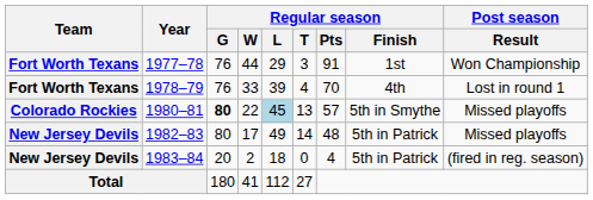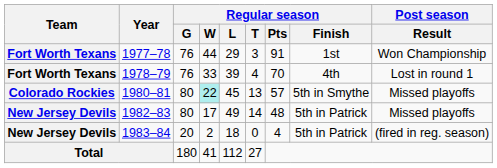 <table class="wikitable" style="font-size: 95%; text-align:center;">
 <tr>
 <th rowspan="2">Team</th>
 <th rowspan="2">Year</th>
 <th colspan="6"><a href='#'>Regular season</a></th>
 <th colspan="1"><a href='#'>Post season</a></th>
 </tr>
 <tr>
 <th>G</th>
 <th>W</th>
 <th>L</th>
 <th>T</th>
 <th>Pts</th>
 <th>Finish</th>
 <th>Result</th>
 </tr>
 <tr>
 <th><a href='#'>Fort Worth Texans</a></th>
 <td><a href='#'>1977–78</a></td>
 <td>76</td>
 <td>44</td>
 <td>29</td>
 <td>3</td>
 <td>91</td>
 <td>1st</td>
 <td>Won Championship</td>
 </tr>
 <tr>
 <th>Fort Worth Texans</th>
 <td><a href='#'>1978–79</a></td>
 <td>76</td>
 <td>33</td>
 <td>39</td>
 <td>4</td>
 <td>70</td>
 <td>4th</td>
 <td>Lost in round 1</td>
 </tr>
 <tr>
 <th><a href='#'>Colorado Rockies</a></th>
 <td><a href='#'>1980–81</a></td>
-<td><strong>80</strong></td>
-<td>22</td>
-<td style="background: lightblue;">45</td>
+<td>80</td>
+<td style="background: paleturquoise;">22</td>
+<td>45</td>
 <td>13</td>
 <td>57</td>
 <td>5th in Smythe</td>
 <td>Missed playoffs</td>
 </tr>
 <tr>
 <th><a href='#'>New Jersey Devils</a></th>
 <td><a href='#'>1982–83</a></td>
 <td>80</td>
 <td>17</td>
 <td>49</td>
 <td>14</td>
 <td>48</td>
 <td>5th in Patrick</td>
 <td>Missed playoffs</td>
 </tr>
 <tr>
 <th>New Jersey Devils</th>
 <td><a href='#'>1983–84</a></td>
 <td>20</td>
 <td>2</td>
 <td>18</td>
 <td>0</td>
 <td>4</td>
 <td>5th in Patrick</td>
 <td>(fired in reg. season)</td>
 </tr>
 <tr>
 <th colspan="2">Total</th>
 <td>180</td>
 <td>41</td>
 <td>112</td>
 <td>27</td>
 </tr>
 </table>
